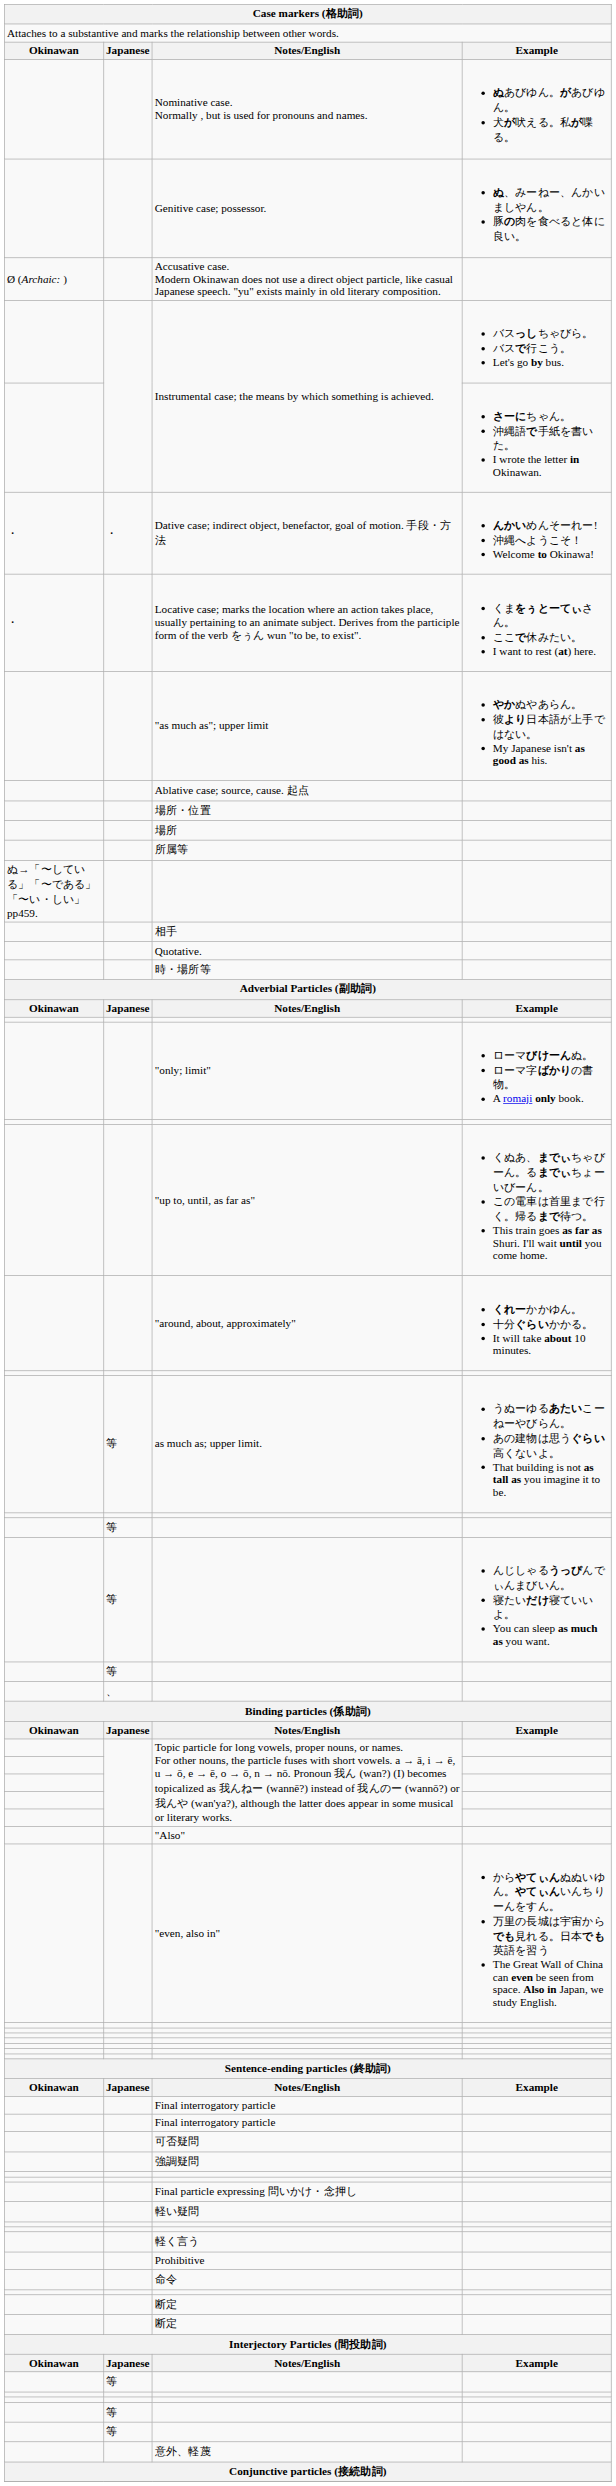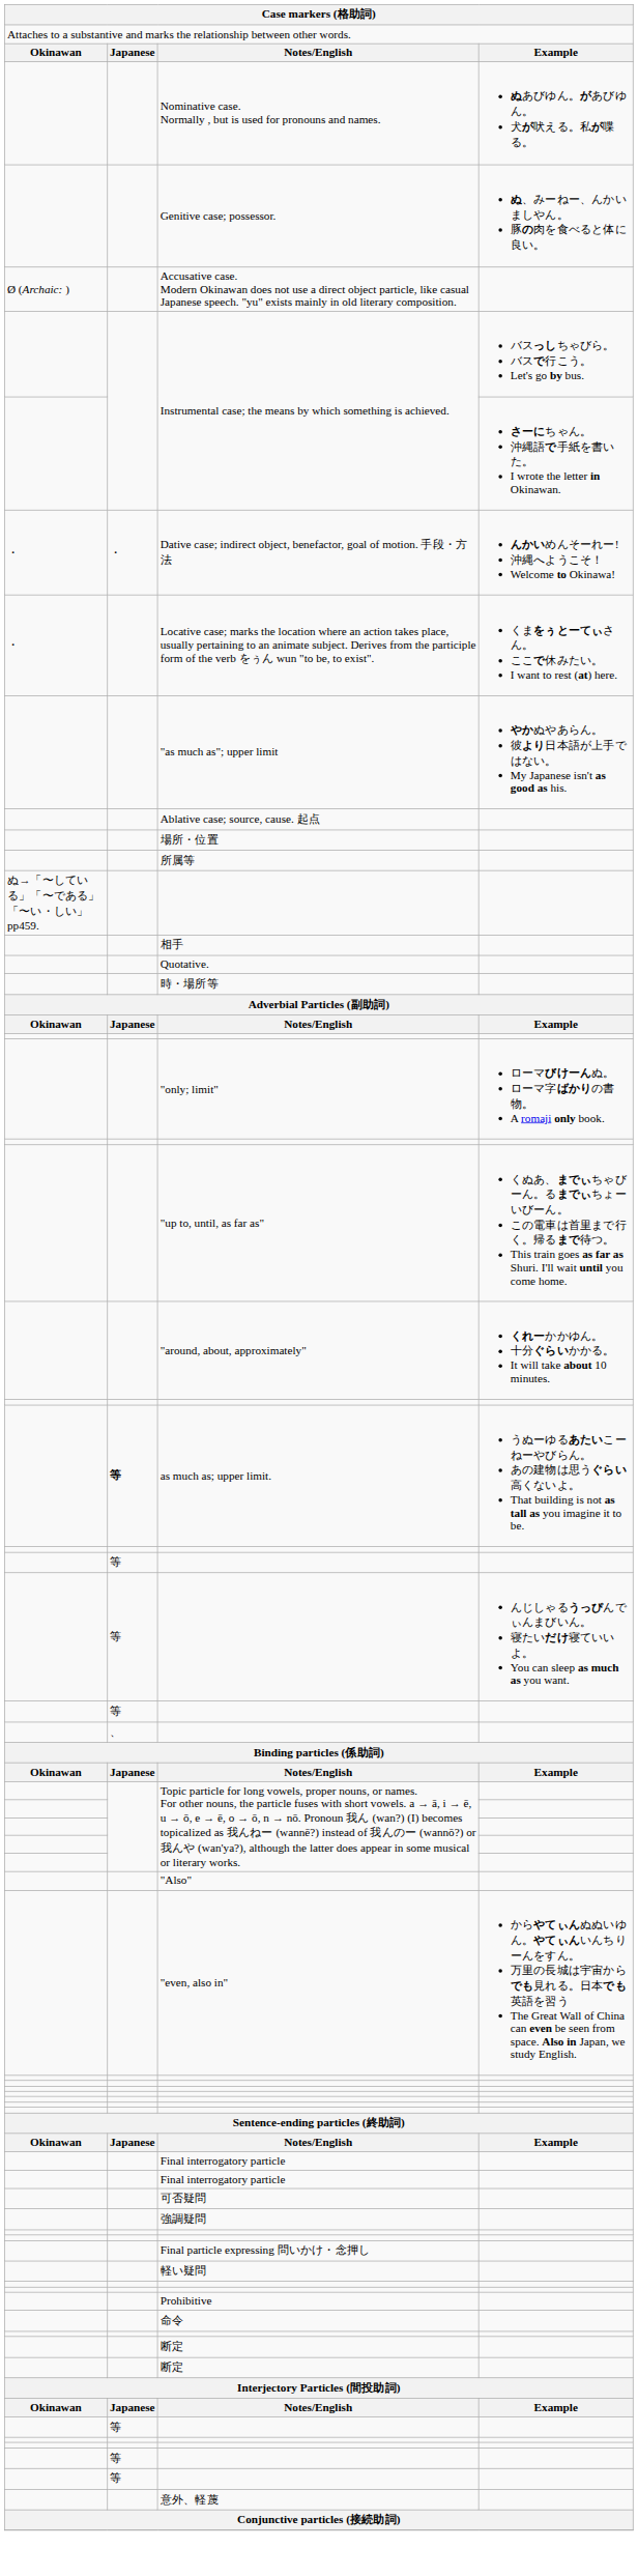 <table class="wikitable collapsible">
 <tr>
 <th colspan=4>Case markers (格助詞)</th>
 </tr>
 <tr>
 <td colspan=4>Attaches to a substantive and marks the relationship between other words.</td>
 </tr>
 <tr>
 <th>Okinawan</th>
 <th>Japanese</th>
 <th>Notes/English</th>
 <th>Example</th>
 </tr>
 <tr>
 <td></td>
 <td></td>
 <td>Nominative case. <br> Normally , but  is used for pronouns and names.</td>
 <td><br><ul><li><strong>ぬ</strong>あびゆん。<strong>が</strong>あびゆん。</li><li>犬<strong>が</strong>吠える。私<strong>が</strong>喋る。</li></ul></td>
 </tr>
 <tr>
 <td></td>
 <td></td>
 <td>Genitive case; possessor.</td>
 <td><br><ul><li><strong>ぬ</strong>、みーねー、んかいましやん。</li><li>豚<strong>の</strong>肉を食べると体に良い。</li></ul></td>
 </tr>
 <tr>
 <td>Ø (<em>Archaic:</em> )</td>
 <td></td>
 <td>Accusative case. <br> Modern Okinawan does not use a direct object particle, like casual Japanese speech. "yu" exists mainly in old literary composition.</td>
 <td></td>
 </tr>
 <tr>
 <td></td>
 <td rowspan="2"></td>
 <td rowspan="2">Instrumental case; the means by which something is achieved.</td>
 <td><br><ul><li>バス<strong>っし</strong>ちゃびら。</li><li>バス<strong>で</strong>行こう。</li><li>Let's go <strong>by</strong> bus.</li></ul></td>
 </tr>
 <tr>
 <td></td>
 <td><br><ul><li><strong>さーに</strong>ちゃん。</li><li>沖縄語<strong>で</strong>手紙を書いた。</li><li>I wrote the letter <strong>in</strong> Okinawan.</li></ul></td>
 </tr>
 <tr>
 <td>・</td>
 <td>・</td>
 <td>Dative case; indirect object, benefactor, goal of motion. 手段・方法</td>
 <td><br><ul><li><strong>んかい</strong>めんそーれー!</li><li>沖縄へようこそ！</li><li>Welcome <strong>to</strong> Okinawa!</li></ul></td>
 </tr>
 <tr>
 <td>・</td>
 <td></td>
 <td>Locative case; marks the location where an action takes place, usually pertaining to an animate subject. Derives from the participle form of the verb をぅん wun "to be, to exist".</td>
 <td><br><ul><li>くま<strong>をぅとーてぃ</strong>さん。</li><li>ここ<strong>で</strong>休みたい。</li><li>I want to rest (<strong>at</strong>) here.</li></ul></td>
 </tr>
 <tr>
 <td></td>
 <td></td>
 <td>"as much as"; upper limit</td>
 <td><br><ul><li><strong>やか</strong>ぬやあらん。</li><li>彼<strong>より</strong>日本語が上手ではない。</li><li>My Japanese isn't <strong>as good as</strong> his.</li></ul></td>
 </tr>
 <tr>
 <td></td>
 <td></td>
 <td>Ablative case; source, cause.  起点</td>
 <td></td>
 </tr>
 <tr>
 <td></td>
 <td></td>
 <td>場所・位置</td>
-<td></td>
-</tr>
-<tr>
-<td></td>
-<td></td>
-<td>場所</td>
 <td></td>
 </tr>
 <tr>
 <td></td>
 <td></td>
 <td>所属等</td>
 <td></td>
 </tr>
 <tr>
 <td>ぬ→「〜している」「〜である」「〜い・しい」pp459.</td>
 <td></td>
 <td></td>
 <td></td>
 </tr>
 <tr>
 <td></td>
 <td></td>
 <td>相手</td>
 <td></td>
 </tr>
 <tr>
 <td></td>
 <td></td>
 <td>Quotative.</td>
 <td></td>
 </tr>
 <tr>
 <td></td>
 <td></td>
 <td>時・場所等</td>
 <td></td>
 </tr>
 <tr>
 <th colspan=4>Adverbial Particles (副助詞)</th>
 </tr>
 <tr>
 <th>Okinawan</th>
 <th>Japanese</th>
 <th>Notes/English</th>
 <th>Example</th>
 </tr>
 <tr>
 <td></td>
 <td></td>
 <td></td>
 <td></td>
 </tr>
 <tr>
 <td></td>
 <td></td>
 <td>"only; limit"</td>
 <td><br><ul><li>ローマ<strong>びけーん</strong>ぬ。</li><li>ローマ字<strong>ばかり</strong>の書物。</li><li>A <a href='#'>romaji</a> <strong>only</strong> book.</li></ul></td>
 </tr>
 <tr>
 <td></td>
 <td></td>
 <td></td>
 <td></td>
 </tr>
 <tr>
 <td></td>
 <td></td>
 <td>"up to, until, as far as"</td>
 <td><br><ul><li>くぬあ、<strong>までぃ</strong>ちゃびーん。る<strong>までぃ</strong>ちょーいびーん。</li><li>この電車は首里まで行く。帰る<strong>まで</strong>待つ。</li><li>This train goes <strong>as far as</strong> Shuri. I'll wait <strong>until</strong> you come home.</li></ul></td>
 </tr>
 <tr>
 <td></td>
 <td></td>
 <td>"around, about, approximately"</td>
 <td><br><ul><li><strong>くれー</strong>かかゆん。</li><li>十分<strong>ぐらい</strong>かかる。</li><li>It will take <strong>about</strong> 10 minutes.</li></ul></td>
 </tr>
 <tr>
 <td></td>
 <td></td>
 <td></td>
 <td></td>
 </tr>
 <tr>
 <td></td>
-<td>等</td>
+<td><strong>等</strong></td>
 <td>as much as; upper limit.</td>
 <td><br><ul><li>うぬーゆる<strong>あたい</strong>こーねーやびらん。</li><li>あの建物は思う<strong>ぐらい</strong>高くないよ。</li><li>That building is not <strong>as tall as</strong> you imagine it to be.</li></ul></td>
 </tr>
 <tr>
 <td></td>
 <td></td>
 <td></td>
 <td></td>
 </tr>
 <tr>
 <td></td>
 <td>等</td>
 <td></td>
 <td></td>
 </tr>
 <tr>
 <td></td>
 <td>等</td>
 <td></td>
 <td><br><ul><li>んじしゃる<strong>うっぴ</strong>んでぃんまびいん。</li><li>寝たい<strong>だけ</strong>寝ていいよ。</li><li>You can sleep <strong>as much as</strong> you want.</li></ul></td>
 </tr>
 <tr>
 <td></td>
 <td>等</td>
 <td></td>
 <td></td>
 </tr>
 <tr>
 <td></td>
 <td>、</td>
 <td></td>
 <td></td>
 </tr>
 <tr>
 <th colspan=4>Binding particles (係助詞)</th>
 </tr>
 <tr>
 <th>Okinawan</th>
 <th>Japanese</th>
 <th>Notes/English</th>
 <th>Example</th>
 </tr>
 <tr>
 <td></td>
 <td rowspan=5></td>
 <td rowspan = 5>Topic particle for long vowels, proper nouns, or names.<br>For other nouns, the particle fuses with short vowels. a → ā, i → ē, u → ō, e → ē, o → ō, n → nō. Pronoun 我ん (wan?) (I) becomes topicalized as 我んねー (wannē?) instead of 我んのー (wannō?) or 我んや (wan'ya?), although the latter does appear in some musical or literary works.</td>
 <td></td>
 </tr>
 <tr>
 <td></td>
 <td></td>
 </tr>
 <tr>
 <td></td>
 <td></td>
 </tr>
 <tr>
 <td></td>
 <td></td>
 </tr>
 <tr>
 <td></td>
 <td></td>
 </tr>
 <tr>
 <td></td>
 <td></td>
 <td>"Also"</td>
 <td></td>
 </tr>
 <tr>
 <td></td>
 <td></td>
 <td>"even, also in"</td>
 <td><br><ul><li>から<strong>やてぃん</strong>ぬぬいゆん。<strong>やてぃん</strong>いんちりーんをすん。</li><li>万里の長城は宇宙から<strong>でも</strong>見れる。日本<strong>でも</strong>英語を習う</li><li>The Great Wall of China can <strong>even</strong> be seen from space. <strong>Also in</strong> Japan, we study English.</li></ul></td>
 </tr>
 <tr>
 <td></td>
 <td></td>
 <td></td>
 <td></td>
 </tr>
 <tr>
 <td></td>
 <td></td>
 <td></td>
 <td></td>
 </tr>
 <tr>
 <td></td>
 <td></td>
 <td></td>
 <td></td>
 </tr>
 <tr>
 <td></td>
 <td></td>
 <td></td>
 <td></td>
 </tr>
 <tr>
 <td></td>
 <td></td>
 <td></td>
 <td></td>
 </tr>
 <tr>
 <td></td>
 <td></td>
 <td></td>
 <td></td>
 </tr>
 <tr>
 <td></td>
 <td></td>
 <td></td>
 <td></td>
 </tr>
 <tr>
 <th colspan=4>Sentence-ending particles (終助詞)</th>
 </tr>
 <tr>
 <th>Okinawan</th>
 <th>Japanese</th>
 <th>Notes/English</th>
 <th>Example</th>
 </tr>
 <tr>
 <td><br></td>
 <td></td>
 <td>Final interrogatory particle</td>
 <td></td>
 </tr>
 <tr>
 <td></td>
 <td></td>
 <td>Final interrogatory particle</td>
 <td></td>
 </tr>
 <tr>
 <td></td>
 <td></td>
 <td>可否疑問</td>
 <td></td>
 </tr>
 <tr>
 <td></td>
 <td></td>
 <td>強調疑問</td>
 <td></td>
 </tr>
 <tr>
 <td></td>
 <td></td>
 <td></td>
 <td></td>
 </tr>
 <tr>
 <td></td>
 <td></td>
 <td></td>
 <td></td>
 </tr>
 <tr>
 <td></td>
 <td></td>
 <td>Final particle expressing 問いかけ・念押し</td>
 <td></td>
 </tr>
 <tr>
 <td></td>
 <td></td>
 <td>軽い疑問</td>
 <td></td>
 </tr>
 <tr>
 <td></td>
 <td></td>
 <td></td>
 <td></td>
 </tr>
 <tr>
 <td></td>
 <td></td>
 <td></td>
 <td></td>
 </tr>
 <tr>
 <td></td>
 <td></td>
-<td>軽く言う</td>
-<td></td>
-</tr>
-<tr>
-<td></td>
-<td></td>
 <td>Prohibitive</td>
 <td></td>
 </tr>
 <tr>
 <td></td>
 <td></td>
 <td>命令</td>
 <td></td>
 </tr>
 <tr>
 <td></td>
 <td></td>
 <td></td>
 <td></td>
 </tr>
 <tr>
 <td></td>
 <td></td>
 <td>断定</td>
 <td></td>
 </tr>
 <tr>
 <td></td>
 <td></td>
 <td>断定</td>
 <td></td>
 </tr>
 <tr>
 <th colspan=4>Interjectory Particles (間投助詞)</th>
 </tr>
 <tr>
 <th>Okinawan</th>
 <th>Japanese</th>
 <th>Notes/English</th>
 <th>Example</th>
 </tr>
 <tr>
 <td></td>
 <td>等</td>
 <td></td>
 <td></td>
 </tr>
 <tr>
 <td></td>
 <td></td>
 <td></td>
 <td></td>
 </tr>
 <tr>
 <td></td>
 <td></td>
 <td></td>
 <td></td>
 </tr>
 <tr>
 <td></td>
 <td>等</td>
 <td></td>
 <td></td>
 </tr>
 <tr>
 <td></td>
 <td>等</td>
 <td></td>
 <td></td>
 </tr>
 <tr>
 <td></td>
 <td></td>
 <td>意外、軽蔑</td>
 <td></td>
 </tr>
 <tr>
 <th colspan=4>Conjunctive particles (接続助詞)</th>
 </tr>
 <tr>
 </tr>
 </table>
